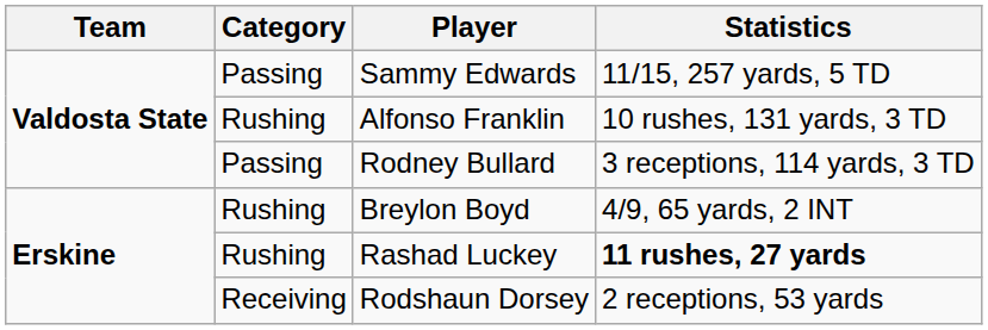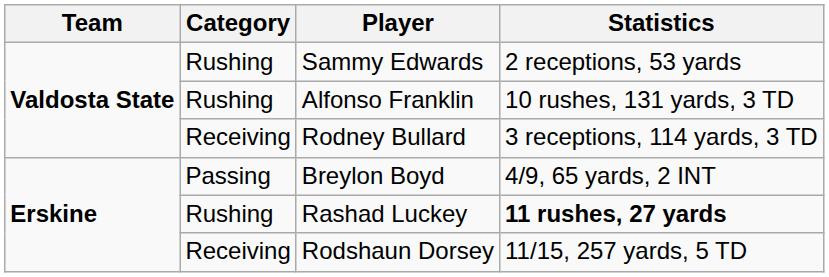 <table class="wikitable" style="float: left;">
 <tr>
 <th>Team</th>
 <th>Category</th>
 <th>Player</th>
 <th>Statistics</th>
 </tr>
 <tr>
 <td rowspan=3><strong>Valdosta State</strong></td>
-<td>Passing</td>
+<td>Rushing</td>
 <td>Sammy Edwards</td>
-<td>11/15, 257 yards, 5 TD</td>
+<td>2 receptions, 53 yards</td>
 </tr>
 <tr>
 <td>Rushing</td>
 <td>Alfonso Franklin</td>
 <td>10 rushes, 131 yards, 3 TD</td>
 </tr>
 <tr>
-<td>Passing</td>
+<td>Receiving</td>
 <td>Rodney Bullard</td>
 <td>3 receptions, 114 yards, 3 TD</td>
 </tr>
 <tr>
 <td rowspan=3><strong>Erskine</strong></td>
-<td>Rushing</td>
+<td>Passing</td>
 <td>Breylon Boyd</td>
 <td>4/9, 65 yards, 2 INT</td>
 </tr>
 <tr>
 <td>Rushing</td>
 <td>Rashad Luckey</td>
 <td><strong>11 rushes, 27 yards</strong></td>
 </tr>
 <tr>
 <td>Receiving</td>
 <td>Rodshaun Dorsey</td>
-<td>2 receptions, 53 yards</td>
+<td>11/15, 257 yards, 5 TD</td>
 </tr>
 </table>
